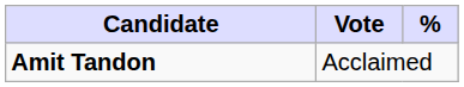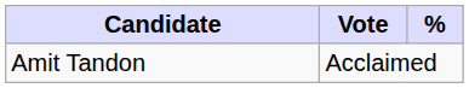 <table class="wikitable">
 <tr>
 <th style="background:#ddf; width:200px;">Candidate</th>
 <th style="background:#ddf; width:50px;">Vote</th>
 <th style="background:#ddf; width:30px;">%</th>
 </tr>
 <tr>
-<td><strong>Amit Tandon</strong></td>
+<td>Amit Tandon</td>
 <td colspan=2>Acclaimed</td>
 </tr>
 </table>
